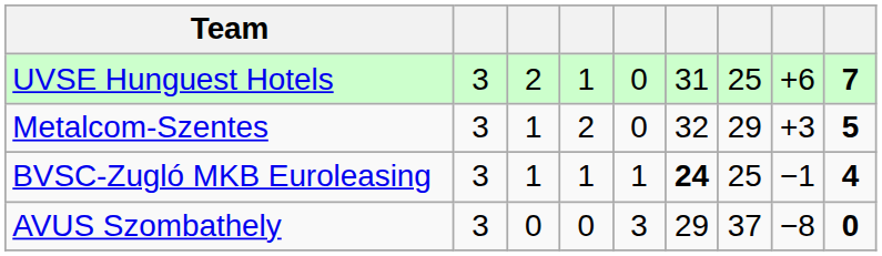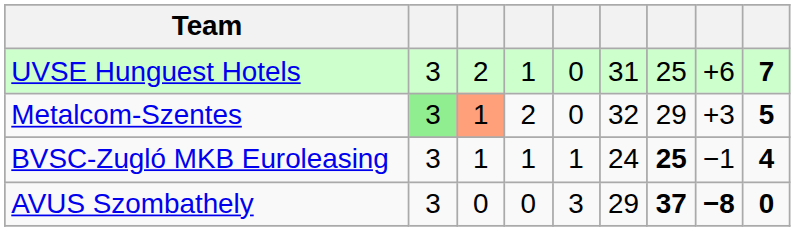 <table class="wikitable" style="text-align:center;">
 <tr>
 <th width=225>Team</th>
 <th width=20></th>
 <th width=20></th>
 <th width=20></th>
 <th width=20></th>
 <th width=20></th>
 <th width=20></th>
 <th width=20></th>
 <th width=20></th>
 </tr>
 <tr style="background:#cfc;">
 <td align="left"><a href='#'>UVSE Hunguest Hotels</a></td>
 <td>3</td>
 <td>2</td>
 <td>1</td>
 <td>0</td>
 <td>31</td>
 <td>25</td>
 <td>+6</td>
 <td><strong>7</strong></td>
 </tr>
 <tr>
 <td align="left"><a href='#'>Metalcom-Szentes</a></td>
-<td>3</td>
-<td>1</td>
+<td style="background: lightgreen;">3</td>
+<td style="background: lightsalmon;">1</td>
 <td>2</td>
 <td>0</td>
 <td>32</td>
 <td>29</td>
 <td>+3</td>
 <td><strong>5</strong></td>
 </tr>
 <tr>
 <td align="left"><a href='#'>BVSC-Zugló MKB Euroleasing</a></td>
 <td>3</td>
 <td>1</td>
 <td>1</td>
 <td>1</td>
-<td><strong>24</strong></td>
-<td>25</td>
+<td>24</td>
+<td><strong>25</strong></td>
 <td>−1</td>
 <td><strong>4</strong></td>
 </tr>
 <tr>
 <td align="left"><a href='#'>AVUS Szombathely</a></td>
 <td>3</td>
 <td>0</td>
 <td>0</td>
 <td>3</td>
 <td>29</td>
-<td>37</td>
-<td>−8</td>
+<td><strong>37</strong></td>
+<td><strong>−8</strong></td>
 <td><strong>0</strong></td>
 </tr>
 </table>
